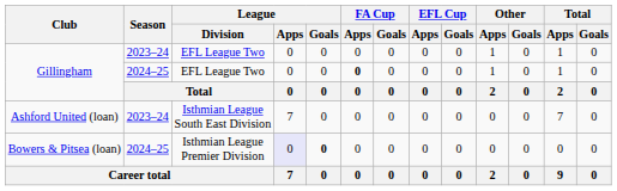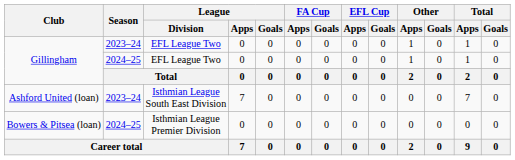 <table class="wikitable" style="text-align:center;">
 <tr>
 <th rowspan="2">Club</th>
 <th rowspan="2">Season</th>
 <th colspan="3">League</th>
 <th colspan="2"><a href='#'>FA Cup</a></th>
 <th colspan="2"><a href='#'>EFL Cup</a></th>
 <th colspan="2">Other</th>
 <th colspan="2">Total</th>
 </tr>
 <tr>
 <th>Division</th>
 <th>Apps</th>
 <th>Goals</th>
 <th>Apps</th>
 <th>Goals</th>
 <th>Apps</th>
 <th>Goals</th>
 <th>Apps</th>
 <th>Goals</th>
 <th>Apps</th>
 <th>Goals</th>
 </tr>
 <tr>
 <td rowspan=3><a href='#'>Gillingham</a></td>
 <td><a href='#'>2023–24</a></td>
 <td><a href='#'>EFL League Two</a></td>
 <td>0</td>
 <td>0</td>
 <td>0</td>
 <td>0</td>
 <td>0</td>
 <td>0</td>
 <td>1</td>
 <td>0</td>
 <td>1</td>
 <td>0</td>
 </tr>
 <tr>
 <td><a href='#'>2024–25</a></td>
 <td>EFL League Two</td>
 <td>0</td>
 <td>0</td>
-<td><strong>0</strong></td>
+<td>0</td>
 <td>0</td>
 <td>0</td>
 <td>0</td>
 <td>1</td>
 <td>0</td>
 <td>1</td>
 <td>0</td>
 </tr>
 <tr>
 <th colspan="2">Total</th>
 <th>0</th>
 <th>0</th>
 <th>0</th>
 <th>0</th>
 <th>0</th>
 <th>0</th>
 <th>2</th>
 <th>0</th>
 <th>2</th>
 <th>0</th>
 </tr>
 <tr>
 <td><a href='#'>Ashford United</a> (loan)</td>
 <td><a href='#'>2023–24</a></td>
 <td><a href='#'>Isthmian League</a><br>South East Division</td>
 <td>7</td>
 <td>0</td>
 <td>0</td>
 <td>0</td>
 <td>0</td>
 <td>0</td>
 <td>0</td>
 <td>0</td>
 <td>7</td>
 <td>0</td>
 </tr>
 <tr>
 <td><a href='#'>Bowers & Pitsea</a> (loan)</td>
 <td><a href='#'>2024–25</a></td>
 <td>Isthmian League<br>Premier Division</td>
-<td style="background: lavender;">0</td>
-<td><strong>0</strong></td>
+<td>0</td>
+<td>0</td>
 <td>0</td>
 <td>0</td>
 <td>0</td>
 <td>0</td>
 <td>0</td>
 <td>0</td>
 <td>0</td>
 <td>0</td>
 </tr>
 <tr>
 <th colspan="3">Career total</th>
 <th>7</th>
 <th>0</th>
 <th>0</th>
 <th>0</th>
 <th>0</th>
 <th>0</th>
 <th>2</th>
 <th>0</th>
 <th>9</th>
 <th>0</th>
 </tr>
 </table>
